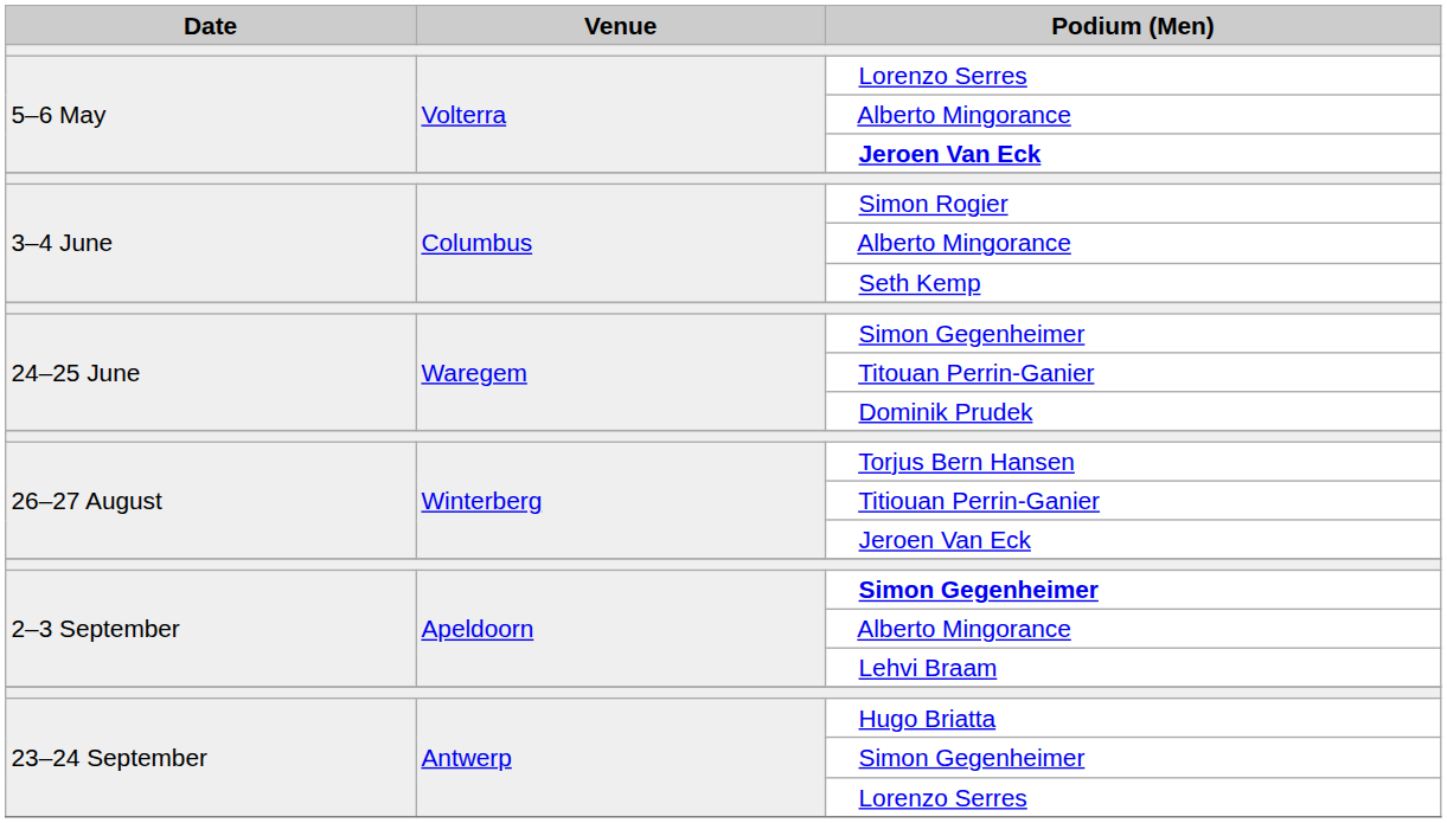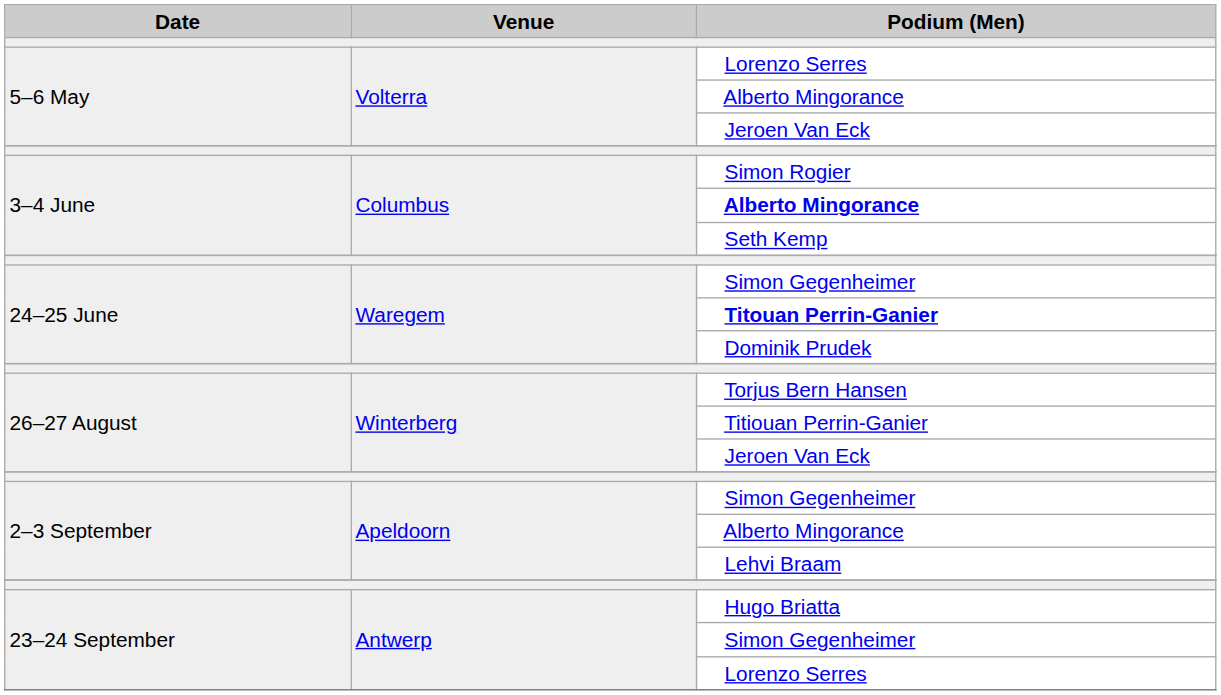 <table class="wikitable" width=70% bgcolor="#f7f8ff" cellpadding="3" cellspacing="0" border="1" style="font-size: 95%; border: gray solid 1px; border-collapse: collapse;">
 <tr bgcolor="#CCCCCC">
 <td width=20% align="center"><strong>Date</strong></td>
 <td width=20% align="center"><strong>Venue</strong></td>
 <td width=30% align="center"><strong>Podium (Men)</strong></td>
 </tr>
 <tr bgcolor="#EFEFEF">
 <td colspan=3></td>
 </tr>
 <tr bgcolor="#EFEFEF">
 <td rowspan=3>5–6 May</td>
 <td rowspan=3> <a href='#'>Volterra</a></td>
 <td bgcolor="#ffffff">      <a href='#'>Lorenzo Serres</a></td>
 </tr>
 <tr>
 <td bgcolor="#ffffff">      <a href='#'>Alberto Mingorance</a></td>
 </tr>
 <tr>
-<td bgcolor="#ffffff"><strong>      <a href='#'>Jeroen Van Eck</a></strong></td>
+<td bgcolor="#ffffff">      <a href='#'>Jeroen Van Eck</a></td>
 </tr>
 <tr>
 </tr>
 <tr bgcolor="#EFEFEF">
 <td colspan=3></td>
 </tr>
 <tr bgcolor="#EFEFEF">
 <td rowspan=3>3–4 June</td>
 <td rowspan=3> <a href='#'>Columbus</a></td>
 <td bgcolor="#ffffff">      <a href='#'>Simon Rogier</a></td>
 </tr>
 <tr>
-<td bgcolor="#ffffff">      <a href='#'>Alberto Mingorance</a></td>
+<td bgcolor="#ffffff"><strong>      <a href='#'>Alberto Mingorance</a></strong></td>
 </tr>
 <tr>
 <td bgcolor="#ffffff">      <a href='#'>Seth Kemp</a></td>
 </tr>
 <tr>
 </tr>
 <tr bgcolor="#EFEFEF">
 <td colspan=3></td>
 </tr>
 <tr bgcolor="#EFEFEF">
 <td rowspan=3>24–25 June</td>
 <td rowspan=3> <a href='#'>Waregem</a></td>
 <td bgcolor="#ffffff">      <a href='#'>Simon Gegenheimer</a></td>
 </tr>
 <tr>
-<td bgcolor="#ffffff">      <a href='#'>Titouan Perrin-Ganier</a></td>
+<td bgcolor="#ffffff"><strong>      <a href='#'>Titouan Perrin-Ganier</a></strong></td>
 </tr>
 <tr>
 <td bgcolor="#ffffff">      <a href='#'>Dominik Prudek</a></td>
 </tr>
 <tr>
 </tr>
 <tr bgcolor="#EFEFEF">
 <td colspan=3></td>
 </tr>
 <tr bgcolor="#EFEFEF">
 <td rowspan=3>26–27 August</td>
 <td rowspan=3> <a href='#'>Winterberg</a></td>
 <td bgcolor="#ffffff">      <a href='#'>Torjus Bern Hansen</a></td>
 </tr>
 <tr>
 <td bgcolor="#ffffff">      <a href='#'>Titiouan Perrin-Ganier</a></td>
 </tr>
 <tr>
 <td bgcolor="#ffffff">      <a href='#'>Jeroen Van Eck</a></td>
 </tr>
 <tr>
 </tr>
 <tr bgcolor="#EFEFEF">
 <td colspan=3></td>
 </tr>
 <tr bgcolor="#EFEFEF">
 <td rowspan=3>2–3 September</td>
 <td rowspan=3> <a href='#'>Apeldoorn</a></td>
-<td bgcolor="#ffffff"><strong>      <a href='#'>Simon Gegenheimer</a></strong></td>
+<td bgcolor="#ffffff">      <a href='#'>Simon Gegenheimer</a></td>
 </tr>
 <tr>
 <td bgcolor="#ffffff">      <a href='#'>Alberto Mingorance</a></td>
 </tr>
 <tr>
 <td bgcolor="#ffffff">      <a href='#'>Lehvi Braam</a></td>
 </tr>
 <tr>
 </tr>
 <tr bgcolor="#EFEFEF">
 <td colspan=3></td>
 </tr>
 <tr bgcolor="#EFEFEF">
 <td rowspan=3>23–24 September</td>
 <td rowspan=3> <a href='#'>Antwerp</a></td>
 <td bgcolor="#ffffff">      <a href='#'>Hugo Briatta</a></td>
 </tr>
 <tr>
 <td bgcolor="#ffffff">      <a href='#'>Simon Gegenheimer</a></td>
 </tr>
 <tr>
 <td bgcolor="#ffffff">      <a href='#'>Lorenzo Serres</a></td>
 </tr>
 <tr>
 </tr>
 </table>
